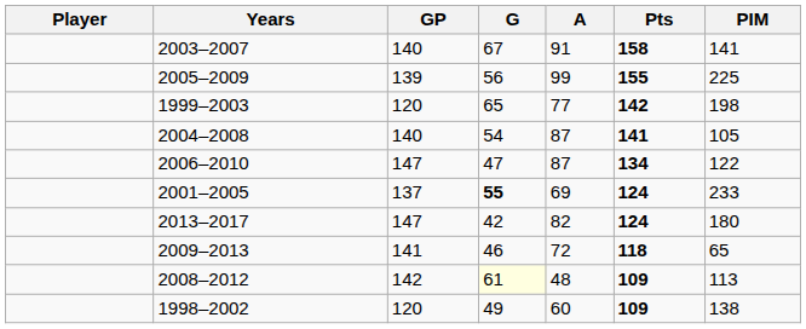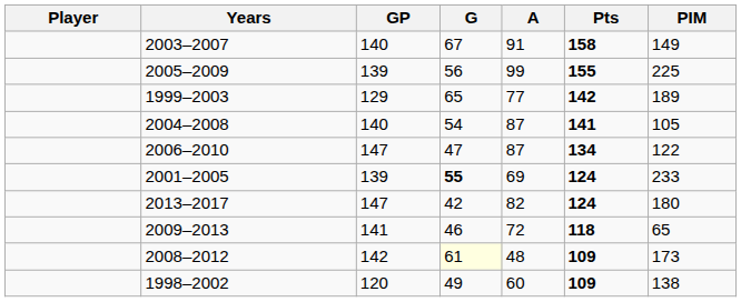 <table class="wikitable sortable" width ="700" cellpadding="1" border="1" cellspacing="0">
 <tr>
 <th>Player</th>
 <th>Years</th>
 <th>GP</th>
 <th>G</th>
 <th>A</th>
 <th>Pts</th>
 <th>PIM</th>
 </tr>
 <tr>
 <td></td>
 <td>2003–2007</td>
 <td>140</td>
 <td>67</td>
 <td>91</td>
 <td><strong>158</strong></td>
-<td>141</td>
+<td>149</td>
 </tr>
 <tr>
 <td></td>
 <td>2005–2009</td>
 <td>139</td>
 <td>56</td>
 <td>99</td>
 <td><strong>155</strong></td>
 <td>225</td>
 </tr>
 <tr>
 <td></td>
 <td>1999–2003</td>
-<td>120</td>
+<td>129</td>
 <td>65</td>
 <td>77</td>
 <td><strong>142</strong></td>
-<td>198</td>
+<td>189</td>
 </tr>
 <tr>
 <td></td>
 <td>2004–2008</td>
 <td>140</td>
 <td>54</td>
 <td>87</td>
 <td><strong>141</strong></td>
 <td>105</td>
 </tr>
 <tr>
 <td></td>
 <td>2006–2010</td>
 <td>147</td>
 <td>47</td>
 <td>87</td>
 <td><strong>134</strong></td>
 <td>122</td>
 </tr>
 <tr>
 <td></td>
 <td>2001–2005</td>
-<td>137</td>
+<td>139</td>
 <td><strong>55</strong></td>
 <td>69</td>
 <td><strong>124</strong></td>
 <td>233</td>
 </tr>
 <tr>
 <td></td>
 <td>2013–2017</td>
 <td>147</td>
 <td>42</td>
 <td>82</td>
 <td><strong>124</strong></td>
 <td>180</td>
 </tr>
 <tr>
 <td></td>
 <td>2009–2013</td>
 <td>141</td>
 <td>46</td>
 <td>72</td>
 <td><strong>118</strong></td>
 <td>65</td>
 </tr>
 <tr>
 <td></td>
 <td>2008–2012</td>
 <td>142</td>
 <td style="background: lightyellow;">61</td>
 <td>48</td>
 <td><strong>109</strong></td>
-<td>113</td>
+<td>173</td>
 </tr>
 <tr>
 <td></td>
 <td>1998–2002</td>
 <td>120</td>
 <td>49</td>
 <td>60</td>
 <td><strong>109</strong></td>
 <td>138</td>
 </tr>
 </table>
